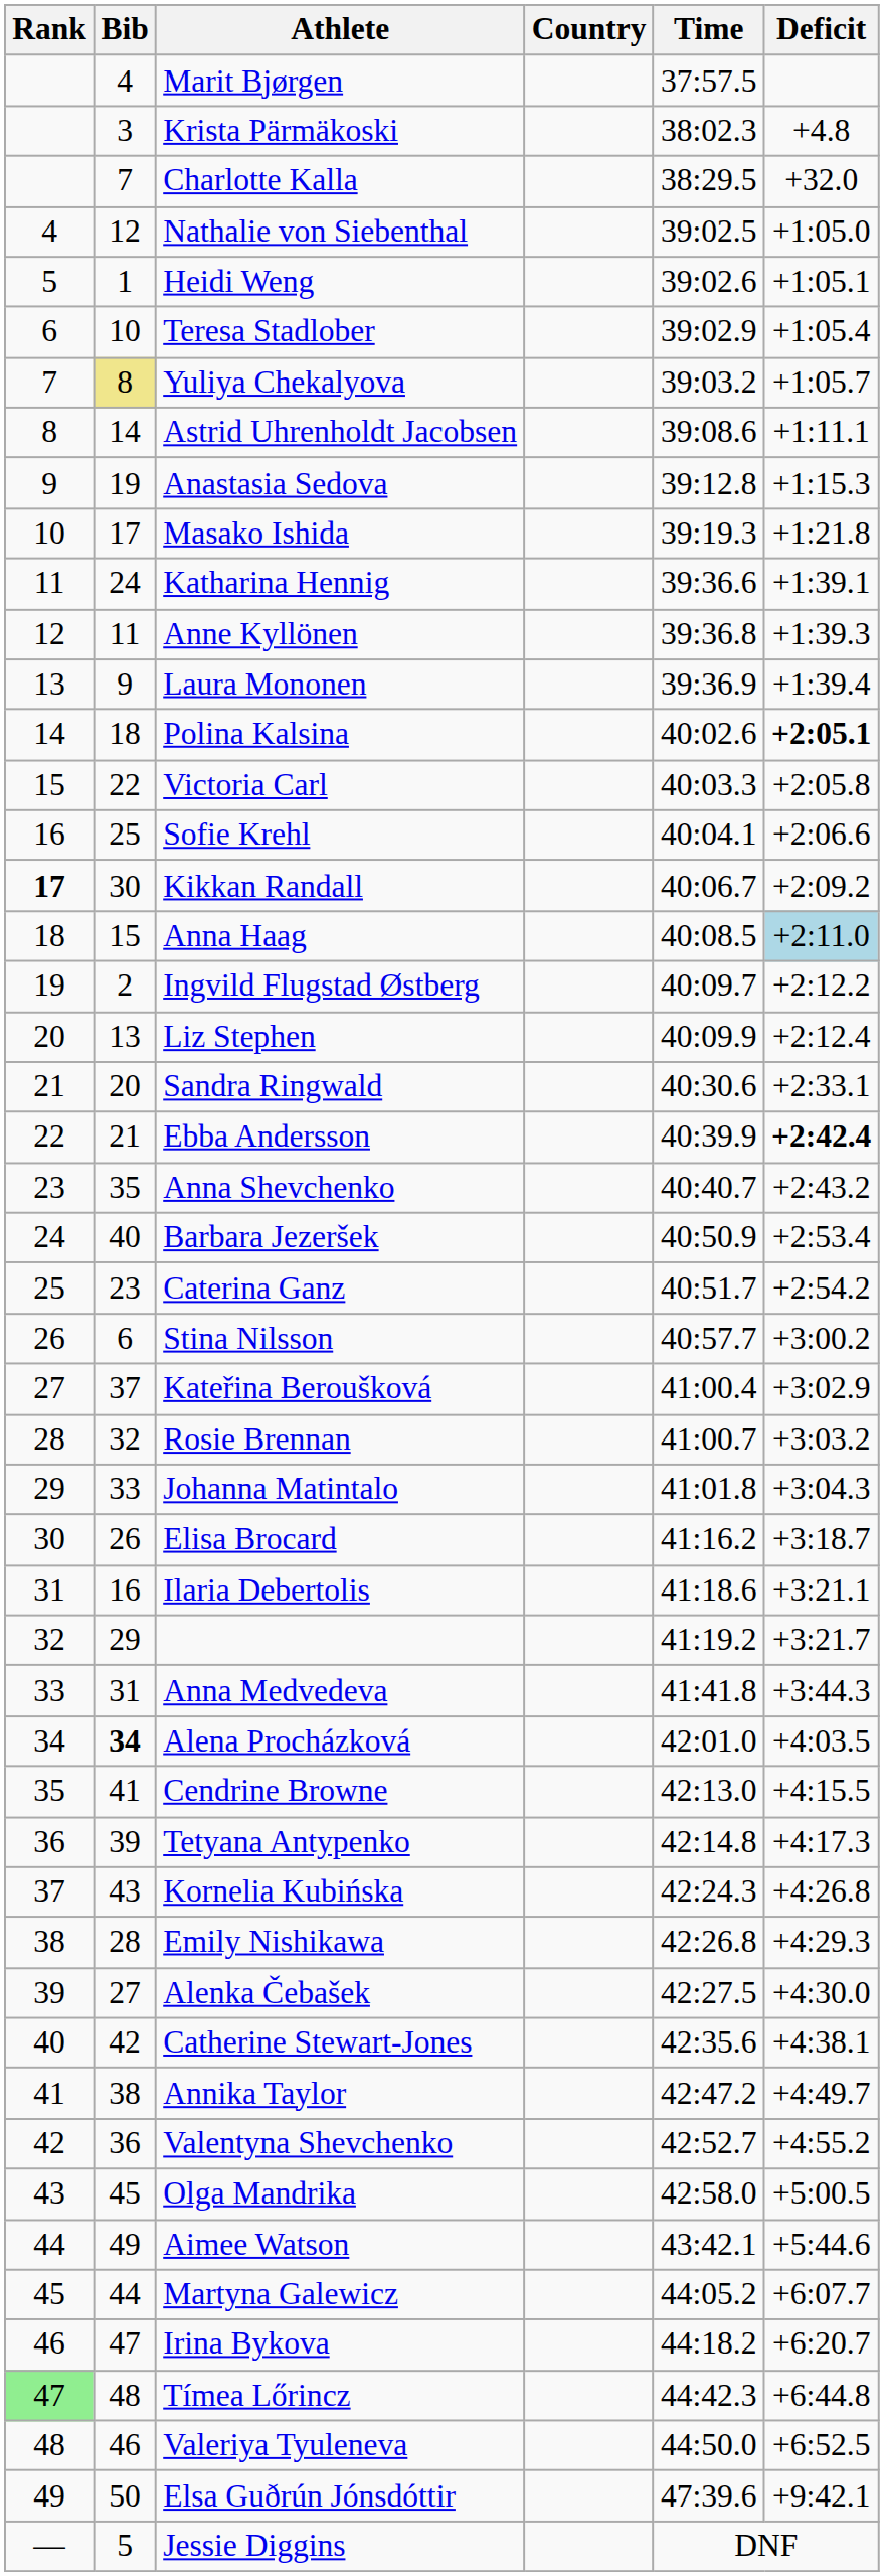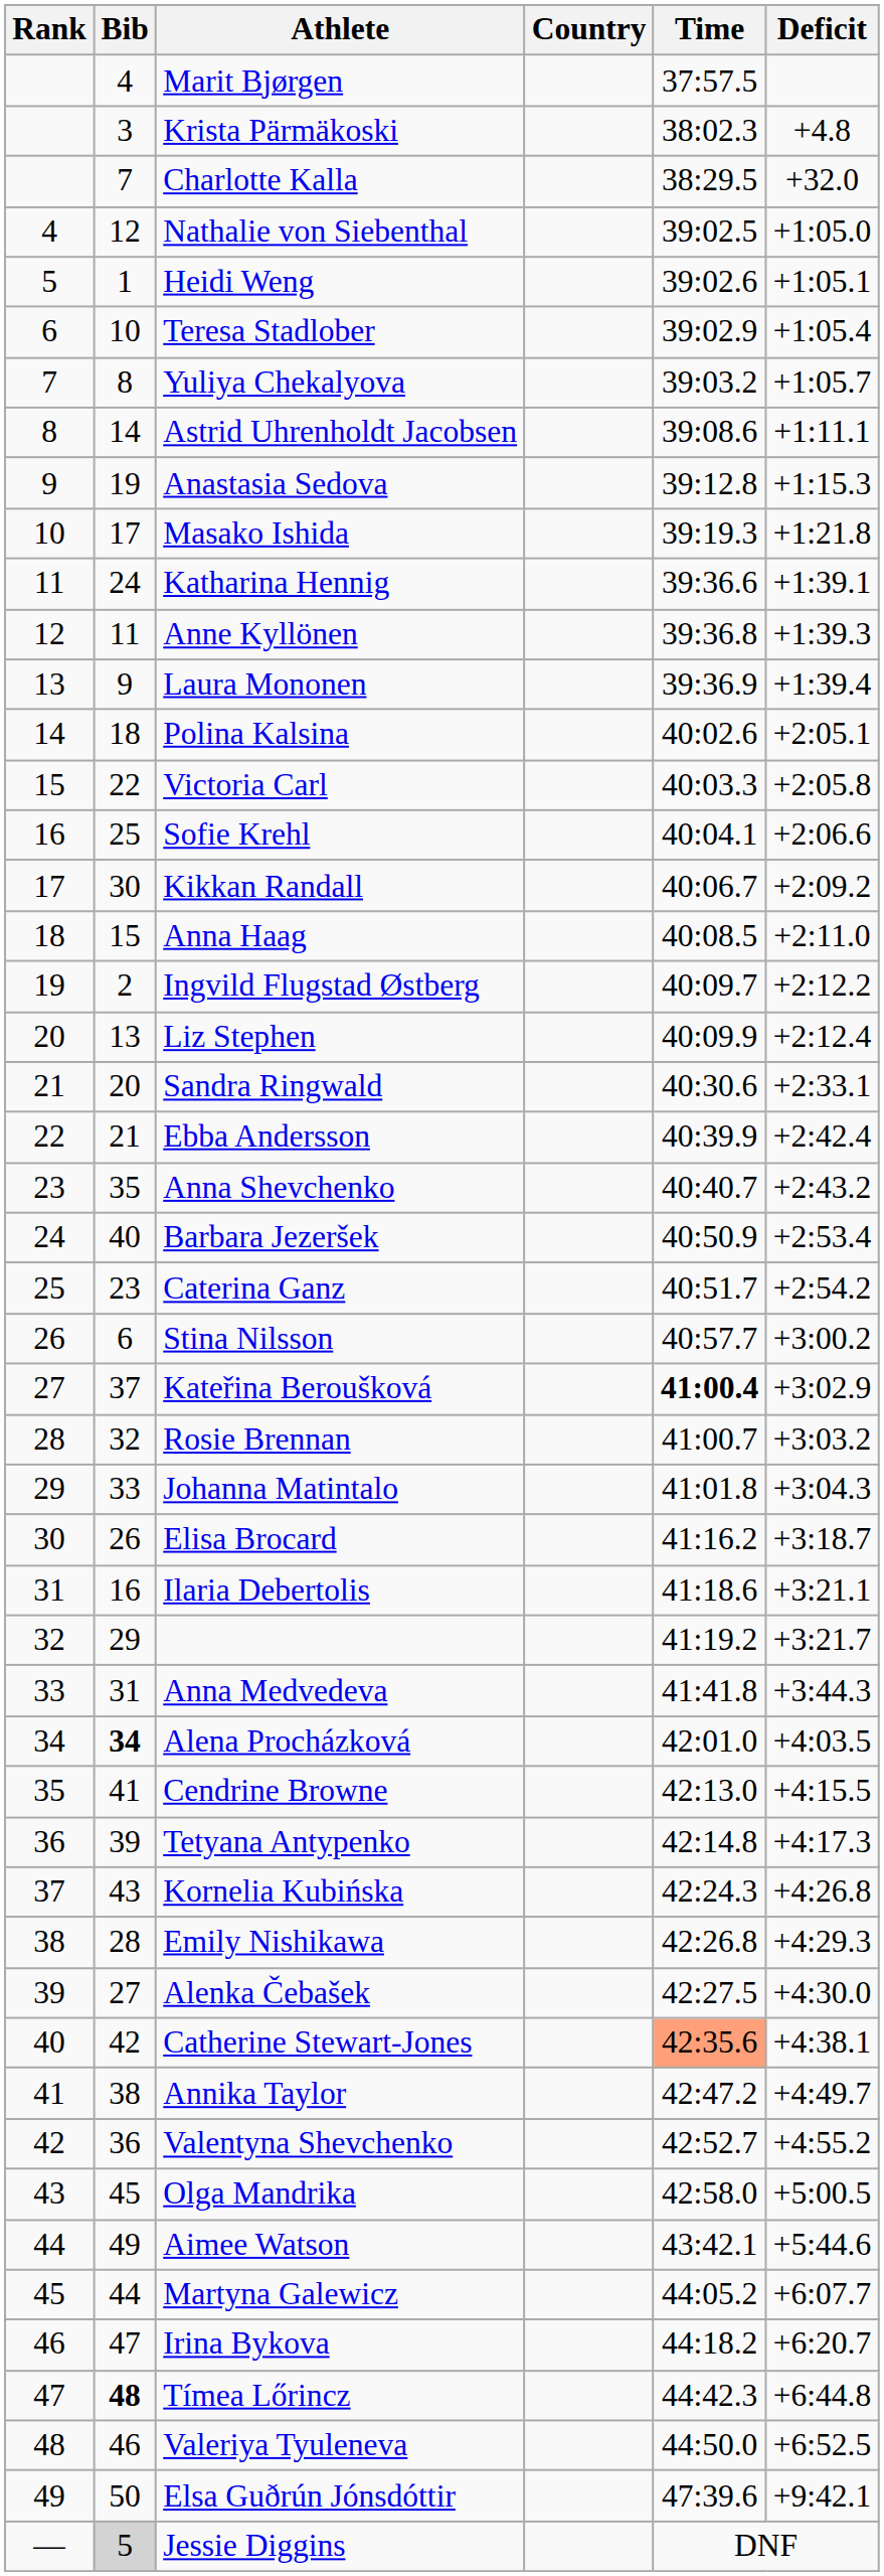 <table class="wikitable sortable" style="text-align:center">
 <tr>
 <th>Rank</th>
 <th>Bib</th>
 <th>Athlete</th>
 <th>Country</th>
 <th>Time</th>
 <th>Deficit</th>
 </tr>
 <tr>
 <td></td>
 <td>4</td>
 <td align=left><a href='#'>Marit Bjørgen</a></td>
 <td align=left></td>
 <td>37:57.5</td>
 <td></td>
 </tr>
 <tr>
 <td></td>
 <td>3</td>
 <td align=left><a href='#'>Krista Pärmäkoski</a></td>
 <td align=left></td>
 <td>38:02.3</td>
 <td>+4.8</td>
 </tr>
 <tr>
 <td></td>
 <td>7</td>
 <td align=left><a href='#'>Charlotte Kalla</a></td>
 <td align=left></td>
 <td>38:29.5</td>
 <td>+32.0</td>
 </tr>
 <tr>
 <td>4</td>
 <td>12</td>
 <td align=left><a href='#'>Nathalie von Siebenthal</a></td>
 <td align=left></td>
 <td>39:02.5</td>
 <td>+1:05.0</td>
 </tr>
 <tr>
 <td>5</td>
 <td>1</td>
 <td align=left><a href='#'>Heidi Weng</a></td>
 <td align=left></td>
 <td>39:02.6</td>
 <td>+1:05.1</td>
 </tr>
 <tr>
 <td>6</td>
 <td>10</td>
 <td align=left><a href='#'>Teresa Stadlober</a></td>
 <td align=left></td>
 <td>39:02.9</td>
 <td>+1:05.4</td>
 </tr>
 <tr>
 <td>7</td>
-<td style="background: khaki;">8</td>
+<td>8</td>
 <td align=left><a href='#'>Yuliya Chekalyova</a></td>
 <td align=left></td>
 <td>39:03.2</td>
 <td>+1:05.7</td>
 </tr>
 <tr>
 <td>8</td>
 <td>14</td>
 <td align=left><a href='#'>Astrid Uhrenholdt Jacobsen</a></td>
 <td align=left></td>
 <td>39:08.6</td>
 <td>+1:11.1</td>
 </tr>
 <tr>
 <td>9</td>
 <td>19</td>
 <td align=left><a href='#'>Anastasia Sedova</a></td>
 <td align=left></td>
 <td>39:12.8</td>
 <td>+1:15.3</td>
 </tr>
 <tr>
 <td>10</td>
 <td>17</td>
 <td align=left><a href='#'>Masako Ishida</a></td>
 <td align=left></td>
 <td>39:19.3</td>
 <td>+1:21.8</td>
 </tr>
 <tr>
 <td>11</td>
 <td>24</td>
 <td align=left><a href='#'>Katharina Hennig</a></td>
 <td align=left></td>
 <td>39:36.6</td>
 <td>+1:39.1</td>
 </tr>
 <tr>
 <td>12</td>
 <td>11</td>
 <td align=left><a href='#'>Anne Kyllönen</a></td>
 <td align=left></td>
 <td>39:36.8</td>
 <td>+1:39.3</td>
 </tr>
 <tr>
 <td>13</td>
 <td>9</td>
 <td align=left><a href='#'>Laura Mononen</a></td>
 <td align=left></td>
 <td>39:36.9</td>
 <td>+1:39.4</td>
 </tr>
 <tr>
 <td>14</td>
 <td>18</td>
 <td align=left><a href='#'>Polina Kalsina</a></td>
 <td align=left></td>
 <td>40:02.6</td>
-<td><strong>+2:05.1</strong></td>
+<td>+2:05.1</td>
 </tr>
 <tr>
 <td>15</td>
 <td>22</td>
 <td align=left><a href='#'>Victoria Carl</a></td>
 <td align=left></td>
 <td>40:03.3</td>
 <td>+2:05.8</td>
 </tr>
 <tr>
 <td>16</td>
 <td>25</td>
 <td align=left><a href='#'>Sofie Krehl</a></td>
 <td align=left></td>
 <td>40:04.1</td>
 <td>+2:06.6</td>
 </tr>
 <tr>
-<td><strong>17</strong></td>
+<td>17</td>
 <td>30</td>
 <td align=left><a href='#'>Kikkan Randall</a></td>
 <td align=left></td>
 <td>40:06.7</td>
 <td>+2:09.2</td>
 </tr>
 <tr>
 <td>18</td>
 <td>15</td>
 <td align=left><a href='#'>Anna Haag</a></td>
 <td align=left></td>
 <td>40:08.5</td>
-<td style="background: lightblue;">+2:11.0</td>
+<td>+2:11.0</td>
 </tr>
 <tr>
 <td>19</td>
 <td>2</td>
 <td align=left><a href='#'>Ingvild Flugstad Østberg</a></td>
 <td align=left></td>
 <td>40:09.7</td>
 <td>+2:12.2</td>
 </tr>
 <tr>
 <td>20</td>
 <td>13</td>
 <td align=left><a href='#'>Liz Stephen</a></td>
 <td align=left></td>
 <td>40:09.9</td>
 <td>+2:12.4</td>
 </tr>
 <tr>
 <td>21</td>
 <td>20</td>
 <td align=left><a href='#'>Sandra Ringwald</a></td>
 <td align=left></td>
 <td>40:30.6</td>
 <td>+2:33.1</td>
 </tr>
 <tr>
 <td>22</td>
 <td>21</td>
 <td align=left><a href='#'>Ebba Andersson</a></td>
 <td align=left></td>
 <td>40:39.9</td>
-<td><strong>+2:42.4</strong></td>
+<td>+2:42.4</td>
 </tr>
 <tr>
 <td>23</td>
 <td>35</td>
 <td align=left><a href='#'>Anna Shevchenko</a></td>
 <td align=left></td>
 <td>40:40.7</td>
 <td>+2:43.2</td>
 </tr>
 <tr>
 <td>24</td>
 <td>40</td>
 <td align=left><a href='#'>Barbara Jezeršek</a></td>
 <td align=left></td>
 <td>40:50.9</td>
 <td>+2:53.4</td>
 </tr>
 <tr>
 <td>25</td>
 <td>23</td>
 <td align=left><a href='#'>Caterina Ganz</a></td>
 <td align=left></td>
 <td>40:51.7</td>
 <td>+2:54.2</td>
 </tr>
 <tr>
 <td>26</td>
 <td>6</td>
 <td align=left><a href='#'>Stina Nilsson</a></td>
 <td align=left></td>
 <td>40:57.7</td>
 <td>+3:00.2</td>
 </tr>
 <tr>
 <td>27</td>
 <td>37</td>
 <td align=left><a href='#'>Kateřina Beroušková</a></td>
 <td align=left></td>
-<td>41:00.4</td>
+<td><strong>41:00.4</strong></td>
 <td>+3:02.9</td>
 </tr>
 <tr>
 <td>28</td>
 <td>32</td>
 <td align=left><a href='#'>Rosie Brennan</a></td>
 <td align=left></td>
 <td>41:00.7</td>
 <td>+3:03.2</td>
 </tr>
 <tr>
 <td>29</td>
 <td>33</td>
 <td align=left><a href='#'>Johanna Matintalo</a></td>
 <td align=left></td>
 <td>41:01.8</td>
 <td>+3:04.3</td>
 </tr>
 <tr>
 <td>30</td>
 <td>26</td>
 <td align=left><a href='#'>Elisa Brocard</a></td>
 <td align=left></td>
 <td>41:16.2</td>
 <td>+3:18.7</td>
 </tr>
 <tr>
 <td>31</td>
 <td>16</td>
 <td align=left><a href='#'>Ilaria Debertolis</a></td>
 <td align=left></td>
 <td>41:18.6</td>
 <td>+3:21.1</td>
 </tr>
 <tr>
 <td>32</td>
 <td>29</td>
 <td align=left></td>
 <td align=left></td>
 <td>41:19.2</td>
 <td>+3:21.7</td>
 </tr>
 <tr>
 <td>33</td>
 <td>31</td>
 <td align=left><a href='#'>Anna Medvedeva</a></td>
 <td align=left></td>
 <td>41:41.8</td>
 <td>+3:44.3</td>
 </tr>
 <tr>
 <td>34</td>
 <td><strong>34</strong></td>
 <td align=left><a href='#'>Alena Procházková</a></td>
 <td align=left></td>
 <td>42:01.0</td>
 <td>+4:03.5</td>
 </tr>
 <tr>
 <td>35</td>
 <td>41</td>
 <td align=left><a href='#'>Cendrine Browne</a></td>
 <td align=left></td>
 <td>42:13.0</td>
 <td>+4:15.5</td>
 </tr>
 <tr>
 <td>36</td>
 <td>39</td>
 <td align=left><a href='#'>Tetyana Antypenko</a></td>
 <td align=left></td>
 <td>42:14.8</td>
 <td>+4:17.3</td>
 </tr>
 <tr>
 <td>37</td>
 <td>43</td>
 <td align=left><a href='#'>Kornelia Kubińska</a></td>
 <td align=left></td>
 <td>42:24.3</td>
 <td>+4:26.8</td>
 </tr>
 <tr>
 <td>38</td>
 <td>28</td>
 <td align=left><a href='#'>Emily Nishikawa</a></td>
 <td align=left></td>
 <td>42:26.8</td>
 <td>+4:29.3</td>
 </tr>
 <tr>
 <td>39</td>
 <td>27</td>
 <td align=left><a href='#'>Alenka Čebašek</a></td>
 <td align=left></td>
 <td>42:27.5</td>
 <td>+4:30.0</td>
 </tr>
 <tr>
 <td>40</td>
 <td>42</td>
 <td align=left><a href='#'>Catherine Stewart-Jones</a></td>
 <td align=left></td>
-<td>42:35.6</td>
+<td style="background: lightsalmon;">42:35.6</td>
 <td>+4:38.1</td>
 </tr>
 <tr>
 <td>41</td>
 <td>38</td>
 <td align=left><a href='#'>Annika Taylor</a></td>
 <td align=left></td>
 <td>42:47.2</td>
 <td>+4:49.7</td>
 </tr>
 <tr>
 <td>42</td>
 <td>36</td>
 <td align=left><a href='#'>Valentyna Shevchenko</a></td>
 <td align=left></td>
 <td>42:52.7</td>
 <td>+4:55.2</td>
 </tr>
 <tr>
 <td>43</td>
 <td>45</td>
 <td align=left><a href='#'>Olga Mandrika</a></td>
 <td align=left></td>
 <td>42:58.0</td>
 <td>+5:00.5</td>
 </tr>
 <tr>
 <td>44</td>
 <td>49</td>
 <td align=left><a href='#'>Aimee Watson</a></td>
 <td align=left></td>
 <td>43:42.1</td>
 <td>+5:44.6</td>
 </tr>
 <tr>
 <td>45</td>
 <td>44</td>
 <td align=left><a href='#'>Martyna Galewicz</a></td>
 <td align=left></td>
 <td>44:05.2</td>
 <td>+6:07.7</td>
 </tr>
 <tr>
 <td>46</td>
 <td>47</td>
 <td align=left><a href='#'>Irina Bykova</a></td>
 <td align=left></td>
 <td>44:18.2</td>
 <td>+6:20.7</td>
 </tr>
 <tr>
-<td style="background: lightgreen;">47</td>
-<td>48</td>
+<td>47</td>
+<td><strong>48</strong></td>
 <td align=left><a href='#'>Tímea Lőrincz</a></td>
 <td align=left></td>
 <td>44:42.3</td>
 <td>+6:44.8</td>
 </tr>
 <tr>
 <td>48</td>
 <td>46</td>
 <td align=left><a href='#'>Valeriya Tyuleneva</a></td>
 <td align=left></td>
 <td>44:50.0</td>
 <td>+6:52.5</td>
 </tr>
 <tr>
 <td>49</td>
 <td>50</td>
 <td align=left><a href='#'>Elsa Guðrún Jónsdóttir</a></td>
 <td align=left></td>
 <td>47:39.6</td>
 <td>+9:42.1</td>
 </tr>
 <tr>
 <td>—</td>
-<td>5</td>
+<td style="background: lightgrey;">5</td>
 <td align=left><a href='#'>Jessie Diggins</a></td>
 <td align=left></td>
 <td colspan=2>DNF</td>
 </tr>
 </table>
